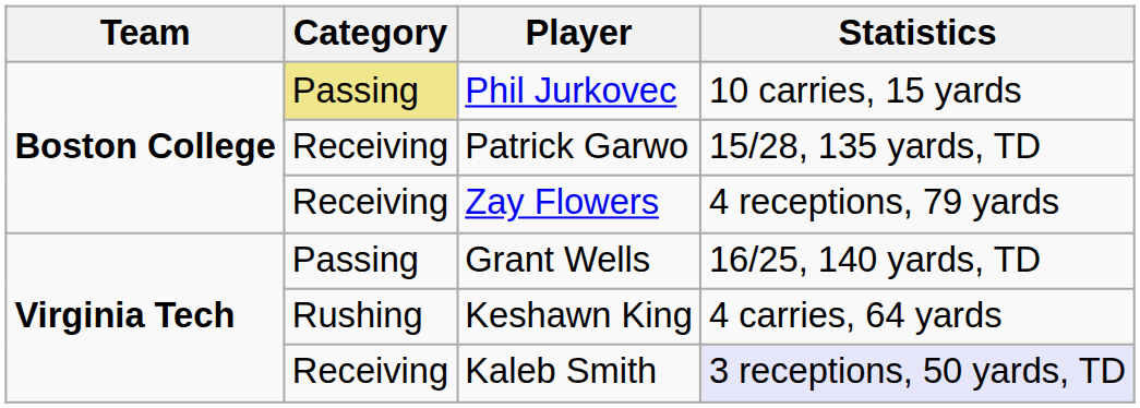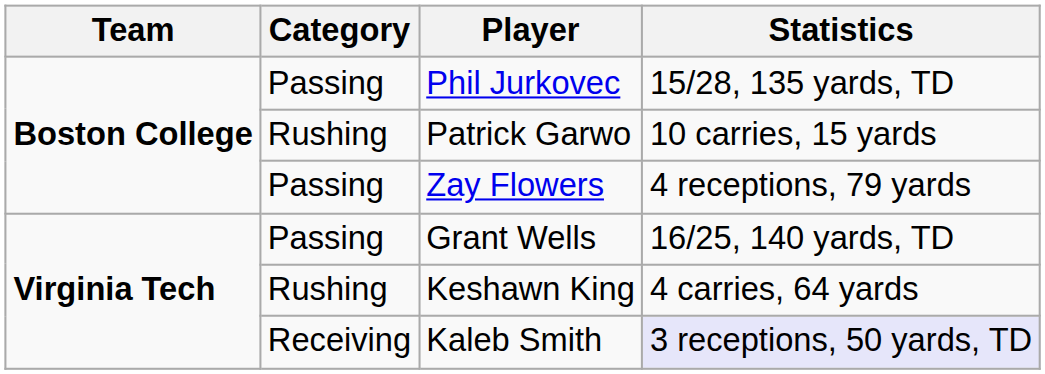 <table class="wikitable" style="float: right;">
 <tr>
 <th>Team</th>
 <th>Category</th>
 <th>Player</th>
 <th>Statistics</th>
 </tr>
 <tr>
 <td rowspan=3><strong>Boston College</strong></td>
-<td style="background: khaki;">Passing</td>
+<td>Passing</td>
 <td><a href='#'>Phil Jurkovec</a></td>
+<td>15/28, 135 yards, TD</td>
+</tr>
+<tr>
+<td>Rushing</td>
+<td>Patrick Garwo</td>
 <td>10 carries, 15 yards</td>
 </tr>
 <tr>
-<td>Receiving</td>
-<td>Patrick Garwo</td>
-<td>15/28, 135 yards, TD</td>
-</tr>
-<tr>
-<td>Receiving</td>
+<td>Passing</td>
 <td><a href='#'>Zay Flowers</a></td>
 <td>4 receptions, 79 yards</td>
 </tr>
 <tr>
 <td rowspan=3><strong>Virginia Tech</strong></td>
 <td>Passing</td>
 <td>Grant Wells</td>
 <td>16/25, 140 yards, TD</td>
 </tr>
 <tr>
 <td>Rushing</td>
 <td>Keshawn King</td>
 <td>4 carries, 64 yards</td>
 </tr>
 <tr>
 <td>Receiving</td>
 <td>Kaleb Smith</td>
 <td style="background: lavender;">3 receptions, 50 yards, TD</td>
 </tr>
 </table>
